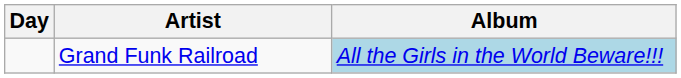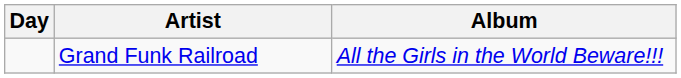 <table class="wikitable" border="1">
 <tr>
 <th>Day</th>
 <th width="200">Artist</th>
 <th width="250">Album</th>
 </tr>
 <tr>
 <td style="text-align:center;" rowspan="1"></td>
 <td><a href='#'>Grand Funk Railroad</a></td>
-<td style="background: lightblue;"><em><a href='#'>All the Girls in the World Beware!!!</a></em></td>
+<td><em><a href='#'>All the Girls in the World Beware!!!</a></em></td>
 </tr>
 </table>
